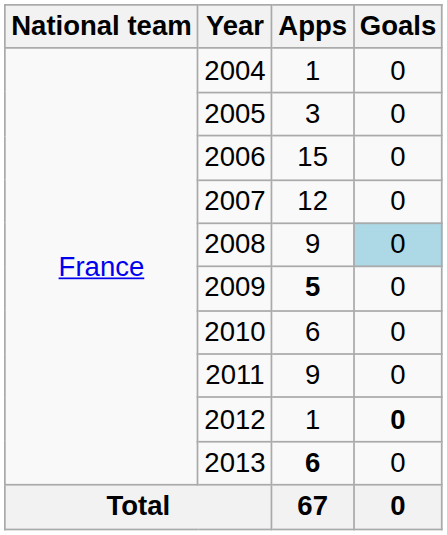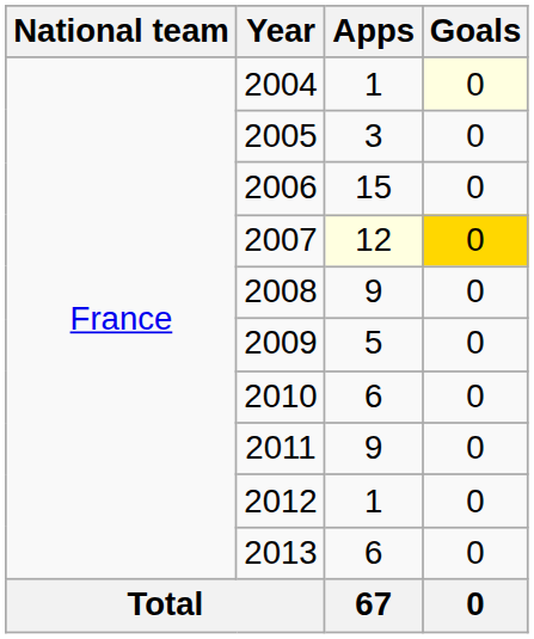 <table class="wikitable" style="text-align:center">
 <tr>
 <th>National team</th>
 <th>Year</th>
 <th>Apps</th>
 <th>Goals</th>
 </tr>
 <tr>
 <td rowspan="10"><a href='#'>France</a></td>
 <td>2004</td>
 <td>1</td>
-<td>0</td>
+<td style="background: lightyellow;">0</td>
 </tr>
 <tr>
 <td>2005</td>
 <td>3</td>
 <td>0</td>
 </tr>
 <tr>
 <td>2006</td>
 <td>15</td>
 <td>0</td>
 </tr>
 <tr>
 <td>2007</td>
-<td>12</td>
-<td>0</td>
+<td style="background: lightyellow;">12</td>
+<td style="background: gold;">0</td>
 </tr>
 <tr>
 <td>2008</td>
 <td>9</td>
-<td style="background: lightblue;">0</td>
+<td>0</td>
 </tr>
 <tr>
 <td>2009</td>
-<td><strong>5</strong></td>
+<td>5</td>
 <td>0</td>
 </tr>
 <tr>
 <td>2010</td>
 <td>6</td>
 <td>0</td>
 </tr>
 <tr>
 <td>2011</td>
 <td>9</td>
 <td>0</td>
 </tr>
 <tr>
 <td>2012</td>
 <td>1</td>
-<td><strong>0</strong></td>
+<td>0</td>
 </tr>
 <tr>
 <td>2013</td>
-<td><strong>6</strong></td>
+<td>6</td>
 <td>0</td>
 </tr>
 <tr>
 <th colspan="2">Total</th>
 <th>67</th>
 <th>0</th>
 </tr>
 </table>
